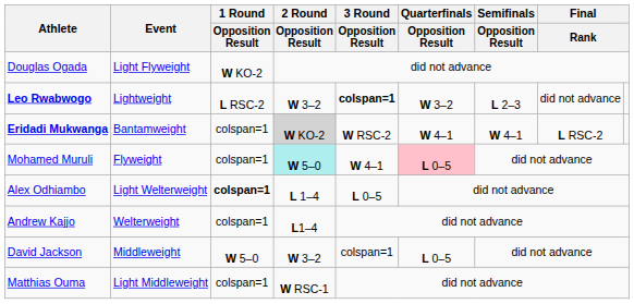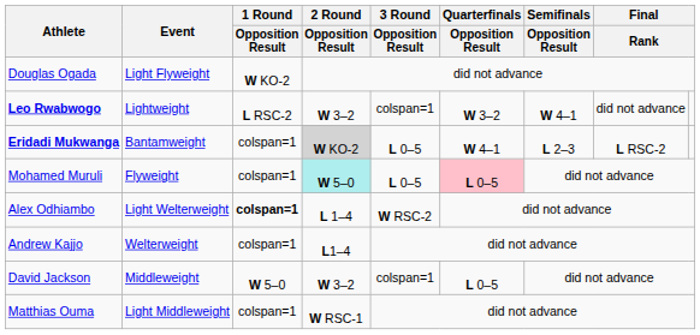 <table class="wikitable" style="font-size:90%">
 <tr>
 <th rowspan="2">Athlete</th>
 <th rowspan="2">Event</th>
 <th>1 Round</th>
 <th>2 Round</th>
 <th>3 Round</th>
 <th>Quarterfinals</th>
 <th>Semifinals</th>
 <th colspan=2>Final</th>
 </tr>
 <tr style="font-size:95%">
 <th>Opposition<br>Result</th>
 <th>Opposition<br>Result</th>
 <th>Opposition<br>Result</th>
 <th>Opposition<br>Result</th>
 <th>Opposition<br>Result</th>
 <th colspan=2>Rank</th>
 </tr>
 <tr align=center>
 <td align=left><a href='#'>Douglas Ogada</a></td>
 <td align=left><a href='#'>Light Flyweight</a></td>
 <td><br><strong>W</strong> KO-2</td>
 <td colspan=6>did not advance</td>
 </tr>
 <tr align=center>
 <td align=left><strong><a href='#'>Leo Rwabwogo</a></strong></td>
 <td align=left><a href='#'>Lightweight</a></td>
 <td><br><strong>L</strong> RSC-2</td>
 <td><br><strong>W</strong> 3–2</td>
-<td><strong>colspan=1 </strong></td>
+<td>colspan=1 </td>
 <td><br><strong>W</strong> 3–2</td>
-<td><br><strong>L</strong> 2–3</td>
+<td><br><strong>W</strong> 4–1</td>
 <td colspan=1>did not advance</td>
 <td></td>
 </tr>
 <tr align=center>
 <td align=left><strong><a href='#'>Eridadi Mukwanga</a></strong></td>
 <td align=left><a href='#'>Bantamweight</a></td>
 <td>colspan=1 </td>
 <td style="background: lightgrey;"><br><strong>W</strong> KO-2</td>
-<td><br><strong>W</strong> RSC-2</td>
+<td><br><strong>L</strong> 0–5</td>
 <td><br><strong>W</strong> 4–1</td>
-<td><br><strong>W</strong> 4–1</td>
+<td><br><strong>L</strong> 2–3</td>
 <td><br><strong>L</strong> RSC-2</td>
 <td></td>
 </tr>
 <tr align=center>
 <td align=left><a href='#'>Mohamed Muruli</a></td>
 <td align=left><a href='#'>Flyweight</a></td>
 <td>colspan=1 </td>
 <td style="background: paleturquoise;"><br><strong>W</strong> 5–0</td>
-<td><br><strong>W</strong> 4–1</td>
+<td><br><strong>L</strong> 0–5</td>
 <td style="background: pink;"><br><strong>L</strong> 0–5</td>
 <td colspan=3>did not advance</td>
 </tr>
 <tr align=center>
 <td align=left><a href='#'>Alex Odhiambo</a></td>
 <td align=left><a href='#'>Light Welterweight</a></td>
 <td><strong>colspan=1 </strong></td>
 <td><br><strong>L</strong> 1–4</td>
-<td><br><strong>L</strong> 0–5</td>
+<td><br><strong>W</strong> RSC-2</td>
 <td colspan=5>did not advance</td>
 </tr>
 <tr align=center>
 <td align=left><a href='#'>Andrew Kajjo</a></td>
 <td align=left><a href='#'>Welterweight</a></td>
 <td>colspan=1 </td>
 <td><br><strong>L</strong>1–4</td>
 <td colspan=5>did not advance</td>
 </tr>
 <tr align=center>
 <td align=left><a href='#'>David Jackson</a></td>
 <td align=left><a href='#'>Middleweight</a></td>
 <td><br><strong>W</strong> 5–0</td>
 <td><br><strong>W</strong> 3–2</td>
 <td>colspan=1 </td>
 <td><br><strong>L</strong> 0–5</td>
 <td colspan=5>did not advance</td>
 </tr>
 <tr align=center>
 <td align=left><a href='#'>Matthias Ouma</a></td>
 <td align=left><a href='#'>Light Middleweight</a></td>
 <td>colspan=1 </td>
 <td><br><strong>W</strong> RSC-1</td>
 <td colspan=6>did not advance</td>
 </tr>
 </table>
